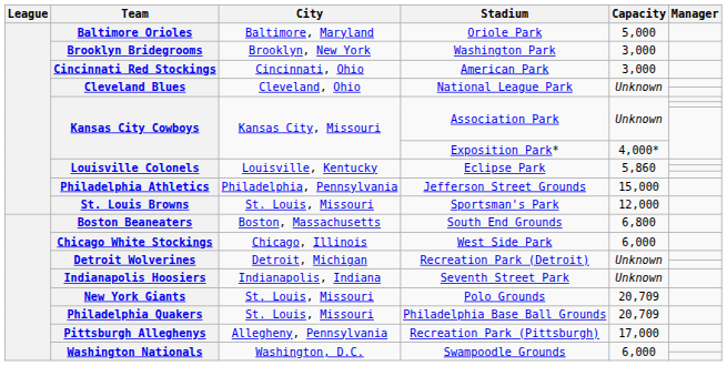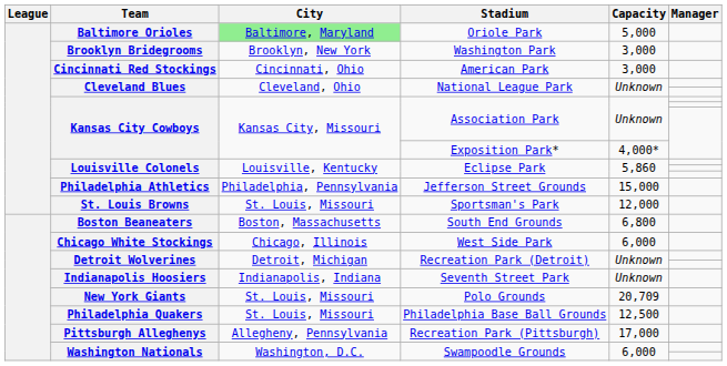 <table class="wikitable sortable plainrowheaders" style="text-align:center;">
 <tr>
 <th scope="col">League</th>
 <th scope="col">Team</th>
 <th scope="col">City</th>
 <th scope="col">Stadium</th>
 <th scope="col">Capacity</th>
 <th scope="col">Manager</th>
 </tr>
 <tr>
 <th rowspan="14"></th>
 <th scope="row"><a href='#'>Baltimore Orioles</a></th>
-<td><a href='#'>Baltimore</a>, <a href='#'>Maryland</a></td>
+<td style="background: lightgreen;"><a href='#'>Baltimore</a>, <a href='#'>Maryland</a></td>
 <td><a href='#'>Oriole Park</a></td>
 <td>5,000</td>
 <td></td>
 </tr>
 <tr>
 <th scope="row"><a href='#'>Brooklyn Bridegrooms</a></th>
 <td><a href='#'>Brooklyn</a>, <a href='#'>New York</a></td>
 <td><a href='#'>Washington Park</a></td>
 <td>3,000</td>
 <td></td>
 </tr>
 <tr>
 <th scope="row"><a href='#'>Cincinnati Red Stockings</a></th>
 <td><a href='#'>Cincinnati</a>, <a href='#'>Ohio</a></td>
 <td><a href='#'>American Park</a></td>
 <td>3,000</td>
 <td></td>
 </tr>
 <tr>
 <th rowspan="2" scope="row"><a href='#'>Cleveland Blues</a></th>
 <td rowspan="2"><a href='#'>Cleveland</a>, <a href='#'>Ohio</a></td>
 <td rowspan="2"><a href='#'>National League Park</a></td>
 <td rowspan="2"><em>Unknown</em></td>
 <td></td>
 </tr>
 <tr>
 <td></td>
 </tr>
 <tr>
 <th rowspan="4" scope="row"><a href='#'>Kansas City Cowboys</a></th>
 <td rowspan="4"><a href='#'>Kansas City</a>, <a href='#'>Missouri</a></td>
 <td rowspan="3" data-sort-value="Association Park"><br><a href='#'>Association Park</a><br> </td>
 <td rowspan="3"><em>Unknown</em></td>
 <td></td>
 </tr>
 <tr>
 <td></td>
 </tr>
 <tr>
 <td rowspan="2"></td>
 </tr>
 <tr>
 <td><a href='#'>Exposition Park</a>*</td>
 <td>4,000*</td>
 </tr>
 <tr>
 <th rowspan="3" scope="row"><a href='#'>Louisville Colonels</a></th>
 <td rowspan="3"><a href='#'>Louisville</a>, <a href='#'>Kentucky</a></td>
 <td rowspan="3"><a href='#'>Eclipse Park</a></td>
 <td rowspan="3">5,860</td>
 <td></td>
 </tr>
 <tr>
 <td></td>
 </tr>
 <tr>
 <td></td>
 </tr>
 <tr>
 <th scope="row"><a href='#'>Philadelphia Athletics</a></th>
 <td><a href='#'>Philadelphia</a>, <a href='#'>Pennsylvania</a></td>
 <td><a href='#'>Jefferson Street Grounds</a></td>
 <td>15,000</td>
 <td></td>
 </tr>
 <tr>
 <th scope="row"><a href='#'>St. Louis Browns</a></th>
 <td><a href='#'>St. Louis</a>, <a href='#'>Missouri</a></td>
 <td><a href='#'>Sportsman's Park</a></td>
 <td>12,000</td>
 <td></td>
 </tr>
 <tr>
 <th rowspan="10"></th>
 <th scope="row"><a href='#'>Boston Beaneaters</a></th>
 <td><a href='#'>Boston</a>, <a href='#'>Massachusetts</a></td>
 <td><a href='#'>South End Grounds</a></td>
 <td>6,800</td>
 <td></td>
 </tr>
 <tr>
 <th scope="row"><a href='#'>Chicago White Stockings</a></th>
 <td><a href='#'>Chicago</a>, <a href='#'>Illinois</a></td>
 <td><a href='#'>West Side Park</a></td>
 <td>6,000</td>
 <td></td>
 </tr>
 <tr>
 <th rowspan="2" scope="row"><a href='#'>Detroit Wolverines</a></th>
 <td rowspan="2"><a href='#'>Detroit</a>, <a href='#'>Michigan</a></td>
 <td rowspan="2"><a href='#'>Recreation Park (Detroit)</a></td>
 <td rowspan="2"><em>Unknown</em></td>
 <td></td>
 </tr>
 <tr>
 <td></td>
 </tr>
 <tr>
 <th scope="row"><a href='#'>Indianapolis Hoosiers</a></th>
 <td><a href='#'>Indianapolis</a>, <a href='#'>Indiana</a></td>
 <td><a href='#'>Seventh Street Park</a></td>
 <td><em>Unknown</em></td>
 <td></td>
 </tr>
 <tr>
 <th scope="row"><a href='#'>New York Giants</a></th>
 <td><a href='#'>St. Louis</a>, <a href='#'>Missouri</a></td>
 <td><a href='#'>Polo Grounds</a></td>
 <td>20,709</td>
 <td></td>
 </tr>
 <tr>
 <th scope="row"><a href='#'>Philadelphia Quakers</a></th>
 <td><a href='#'>St. Louis</a>, <a href='#'>Missouri</a></td>
 <td><a href='#'>Philadelphia Base Ball Grounds</a></td>
-<td>20,709</td>
+<td>12,500</td>
 <td></td>
 </tr>
 <tr>
 <th scope="row"><a href='#'>Pittsburgh Alleghenys</a></th>
 <td><a href='#'>Allegheny</a>, <a href='#'>Pennsylvania</a></td>
 <td><a href='#'>Recreation Park (Pittsburgh)</a></td>
 <td>17,000</td>
 <td></td>
 </tr>
 <tr>
 <th rowspan="2" scope="row"><a href='#'>Washington Nationals</a></th>
 <td rowspan="2"><a href='#'>Washington, D.C.</a></td>
 <td rowspan="2"><a href='#'>Swampoodle Grounds</a></td>
 <td rowspan="2">6,000</td>
 <td></td>
 </tr>
 <tr>
 <td></td>
 </tr>
 </table>
